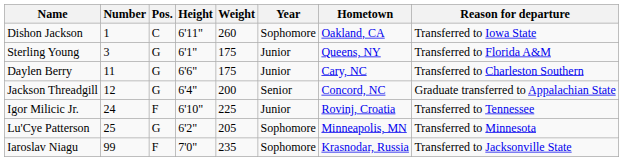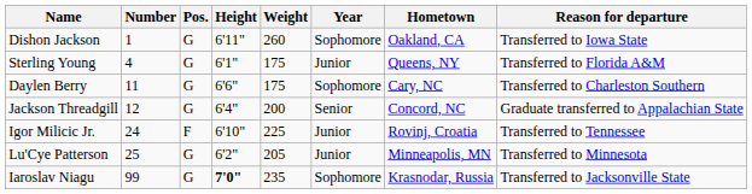 <table class="wikitable sortable" border="1">
 <tr>
 <th>Name</th>
 <th>Number</th>
 <th>Pos.</th>
 <th>Height</th>
 <th>Weight</th>
 <th>Year</th>
 <th>Hometown</th>
 <th>Reason for departure</th>
 </tr>
 <tr>
 <td>Dishon Jackson</td>
 <td>1</td>
-<td>C</td>
+<td>G</td>
 <td>6'11"</td>
 <td>260</td>
 <td> Sophomore</td>
 <td><a href='#'>Oakland, CA</a></td>
 <td>Transferred to <a href='#'>Iowa State</a></td>
 </tr>
 <tr>
 <td>Sterling Young</td>
-<td>3</td>
+<td>4</td>
 <td>G</td>
 <td>6'1"</td>
 <td>175</td>
 <td> Junior</td>
 <td><a href='#'>Queens, NY</a></td>
 <td>Transferred to <a href='#'>Florida A&M</a></td>
 </tr>
 <tr>
 <td>Daylen Berry</td>
 <td>11</td>
 <td>G</td>
 <td>6'6"</td>
 <td>175</td>
-<td> Junior</td>
+<td> Sophomore</td>
 <td><a href='#'>Cary, NC</a></td>
 <td>Transferred to <a href='#'>Charleston Southern</a></td>
 </tr>
 <tr>
 <td>Jackson Threadgill</td>
 <td>12</td>
 <td>G</td>
 <td>6'4"</td>
 <td>200</td>
 <td>Senior</td>
 <td><a href='#'>Concord, NC</a></td>
 <td>Graduate transferred to <a href='#'>Appalachian State</a></td>
 </tr>
 <tr>
 <td>Igor Milicic Jr.</td>
 <td>24</td>
 <td>F</td>
 <td>6'10"</td>
 <td>225</td>
 <td>Junior</td>
 <td><a href='#'>Rovinj, Croatia</a></td>
 <td>Transferred to <a href='#'>Tennessee</a></td>
 </tr>
 <tr>
 <td>Lu'Cye Patterson</td>
 <td>25</td>
 <td>G</td>
 <td>6'2"</td>
 <td>205</td>
-<td> Sophomore</td>
+<td> Junior</td>
 <td><a href='#'>Minneapolis, MN</a></td>
 <td>Transferred to <a href='#'>Minnesota</a></td>
 </tr>
 <tr>
 <td>Iaroslav Niagu</td>
 <td>99</td>
-<td>F</td>
-<td>7'0"</td>
+<td>G</td>
+<td><strong>7'0"</strong></td>
 <td>235</td>
 <td>Sophomore</td>
 <td><a href='#'>Krasnodar, Russia</a></td>
 <td>Transferred to <a href='#'>Jacksonville State</a></td>
 </tr>
 </table>
